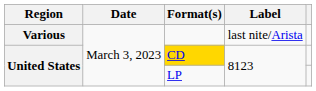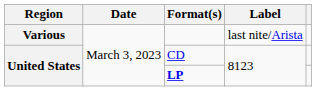 <table class="wikitable plainrowheaders">
 <tr>
 <th scope="col">Region</th>
 <th scope="col">Date</th>
 <th scope="col">Format(s)</th>
 <th scope="col">Label</th>
 <th scope="col"></th>
 </tr>
 <tr>
 <th scope="row">Various</th>
 <td rowspan="3">March 3, 2023</td>
 <td></td>
 <td>last nite/<a href='#'>Arista</a></td>
 <td style="text-align:center;"></td>
 </tr>
 <tr>
 <th scope="row" rowspan="2">United States</th>
-<td style="background: gold;"><a href='#'>CD</a></td>
+<td><a href='#'>CD</a></td>
 <td rowspan="2">8123</td>
 <td style="text-align:center;"></td>
 </tr>
 <tr>
-<td><a href='#'>LP</a></td>
+<td><strong><a href='#'>LP</a></strong></td>
 <td style="text-align:center;"></td>
 </tr>
 </table>
